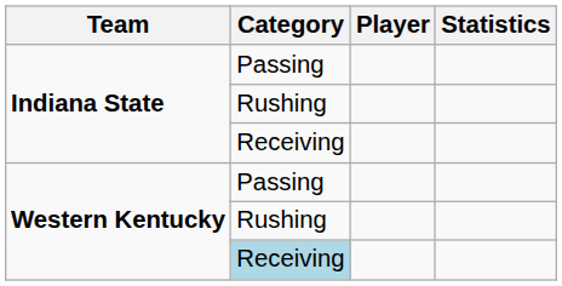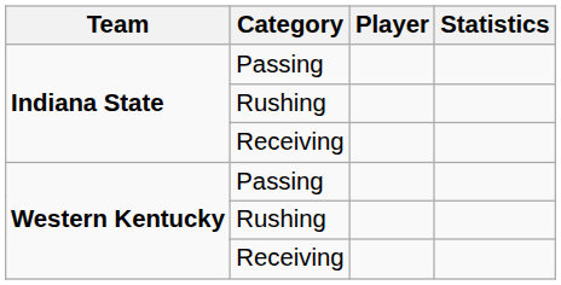 <table class="wikitable" style="float: right;">
 <tr>
 <th>Team</th>
 <th>Category</th>
 <th>Player</th>
 <th>Statistics</th>
 </tr>
 <tr>
 <td rowspan=3><strong>Indiana State</strong></td>
 <td>Passing</td>
 <td></td>
 <td></td>
 </tr>
 <tr>
 <td>Rushing</td>
 <td></td>
 <td></td>
 </tr>
 <tr>
 <td>Receiving</td>
 <td></td>
 <td></td>
 </tr>
 <tr>
 <td rowspan=3><strong>Western Kentucky</strong></td>
 <td>Passing</td>
 <td></td>
 <td></td>
 </tr>
 <tr>
 <td>Rushing</td>
 <td></td>
 <td></td>
 </tr>
 <tr>
-<td style="background: lightblue;">Receiving</td>
+<td>Receiving</td>
 <td></td>
 <td></td>
 </tr>
 </table>
